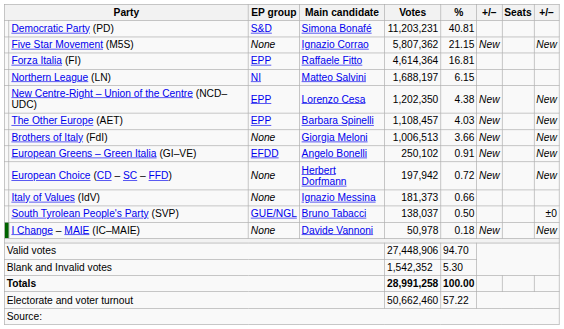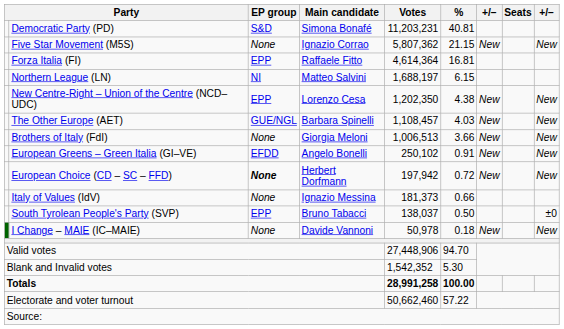 <table class="wikitable">
 <tr>
 <th colspan="2">Party</th>
 <th>EP group</th>
 <th>Main candidate</th>
 <th>Votes</th>
 <th>%</th>
 <th>+/−</th>
 <th>Seats</th>
 <th>+/−</th>
 </tr>
 <tr>
 <td style="background-color:"></td>
 <td style="text-align:left;"><a href='#'>Democratic Party</a> (PD)</td>
 <td style="text-align:left;"><a href='#'>S&D</a></td>
 <td style="text-align:left;"><a href='#'>Simona Bonafé</a></td>
 <td style="text-align:right;">11,203,231</td>
 <td style="text-align:right;">40.81</td>
 <td style="text-align:right;"></td>
 <td style="text-align:left;"></td>
 <td style="text-align:right;"></td>
 </tr>
 <tr>
 <td style="background-color:"></td>
 <td style="text-align:left;"><a href='#'>Five Star Movement</a> (M5S)</td>
 <td style="text-align:left;"><em>None</em></td>
 <td style="text-align:left;"><a href='#'>Ignazio Corrao</a></td>
 <td style="text-align:right;">5,807,362</td>
 <td style="text-align:right;">21.15</td>
 <td style="text-align:right;"><em>New</em></td>
 <td style="text-align:left;"></td>
 <td style="text-align:right;"><em>New</em></td>
 </tr>
 <tr>
 <td style="background-color:"></td>
 <td style="text-align:left;"><a href='#'>Forza Italia</a> (FI)</td>
 <td style="text-align:left;"><a href='#'>EPP</a></td>
 <td style="text-align:left;"><a href='#'>Raffaele Fitto</a></td>
 <td style="text-align:right;">4,614,364</td>
 <td style="text-align:right;">16.81</td>
 <td style="text-align:right;"></td>
 <td style="text-align:left;"></td>
 <td style="text-align:right;"></td>
 </tr>
 <tr>
 <td style="background-color:"></td>
 <td style="text-align:left;"><a href='#'>Northern League</a> (LN)</td>
 <td style="text-align:left;"><a href='#'>NI</a></td>
 <td style="text-align:left;"><a href='#'>Matteo Salvini</a></td>
 <td style="text-align:right;">1,688,197</td>
 <td style="text-align:right;">6.15</td>
 <td style="text-align:right;"></td>
 <td style="text-align:left;"></td>
 <td style="text-align:right;"></td>
 </tr>
 <tr>
 <td style="background-color:"></td>
 <td style="text-align:left;"><a href='#'>New Centre-Right – Union of the Centre</a> (NCD–UDC)</td>
 <td style="text-align:left;"><a href='#'>EPP</a></td>
 <td style="text-align:left;"><a href='#'>Lorenzo Cesa</a></td>
 <td style="text-align:right;">1,202,350</td>
 <td style="text-align:right;">4.38</td>
 <td style="text-align:right;"><em>New</em></td>
 <td style="text-align:left;"></td>
 <td style="text-align:right;"><em>New</em></td>
 </tr>
 <tr>
 <td style="background-color:"></td>
 <td style="text-align:left;"><a href='#'>The Other Europe</a> (AET)</td>
-<td style="text-align:left;"><a href='#'>EPP</a></td>
+<td style="text-align:left;"><a href='#'>GUE/NGL</a></td>
 <td style="text-align:left;"><a href='#'>Barbara Spinelli</a></td>
 <td style="text-align:right;">1,108,457</td>
 <td style="text-align:right;">4.03</td>
 <td style="text-align:right;"><em>New</em></td>
 <td style="text-align:left;"></td>
 <td style="text-align:right;"><em>New</em></td>
 </tr>
 <tr>
 <td style="background-color:"></td>
 <td style="text-align:left;"><a href='#'>Brothers of Italy</a> (FdI)</td>
 <td style="text-align:left;"><em>None</em></td>
 <td style="text-align:left;"><a href='#'>Giorgia Meloni</a></td>
 <td style="text-align:right;">1,006,513</td>
 <td style="text-align:right;">3.66</td>
 <td style="text-align:right;"><em>New</em></td>
 <td style="text-align:left;"></td>
 <td style="text-align:right;"><em>New</em></td>
 </tr>
 <tr>
 <td style="background-color:"></td>
 <td style="text-align:left;"><a href='#'>European Greens – Green Italia</a> (GI–VE)</td>
 <td style="text-align:left;"><a href='#'>EFDD</a></td>
 <td style="text-align:left;"><a href='#'>Angelo Bonelli</a></td>
 <td style="text-align:right;">250,102</td>
 <td style="text-align:right;">0.91</td>
 <td style="text-align:right;"><em>New</em></td>
 <td style="text-align:left;"></td>
 <td style="text-align:right;"><em>New</em></td>
 </tr>
 <tr>
 <td style="background-color:"></td>
 <td style="text-align:left;"><a href='#'>European Choice</a> (<a href='#'>CD</a> – <a href='#'>SC</a> – <a href='#'>FFD</a>)</td>
-<td style="text-align:left;"><em>None</em></td>
+<td style="text-align:left;"><strong><em>None</em></strong></td>
 <td style="text-align:left;"><a href='#'>Herbert Dorfmann</a></td>
 <td style="text-align:right;">197,942</td>
 <td style="text-align:right;">0.72</td>
 <td style="text-align:right;"><em>New</em></td>
 <td style="text-align:left;"></td>
 <td style="text-align:right;"><em>New</em></td>
 </tr>
 <tr>
 <td style="background-color:"></td>
 <td style="text-align:left;"><a href='#'>Italy of Values</a> (IdV)</td>
 <td style="text-align:left;"><em>None</em></td>
 <td style="text-align:left;"><a href='#'>Ignazio Messina</a></td>
 <td style="text-align:right;">181,373</td>
 <td style="text-align:right;">0.66</td>
 <td style="text-align:right;"></td>
 <td style="text-align:left;"></td>
 <td style="text-align:right;"></td>
 </tr>
 <tr>
 <td style="background-color:"></td>
 <td style="text-align:left;"><a href='#'>South Tyrolean People's Party</a> (SVP)</td>
-<td style="text-align:left;"><a href='#'>GUE/NGL</a></td>
+<td style="text-align:left;"><a href='#'>EPP</a></td>
 <td style="text-align:left;"><a href='#'>Bruno Tabacci</a></td>
 <td style="text-align:right;">138,037</td>
 <td style="text-align:right;">0.50</td>
 <td style="text-align:right;"></td>
 <td style="text-align:left;"></td>
 <td style="text-align:right;">±0</td>
 </tr>
 <tr>
 <td style="background:darkgreen;"></td>
 <td style="text-align:left;"><a href='#'>I Change</a> – <a href='#'>MAIE</a> (IC–MAIE)</td>
 <td style="text-align:left;"><em>None</em></td>
 <td style="text-align:left;"><a href='#'>Davide Vannoni</a></td>
 <td style="text-align:right;">50,978</td>
 <td style="text-align:right;">0.18</td>
 <td style="text-align:right;"><em>New</em></td>
 <td style="text-align:left;"></td>
 <td style="text-align:right;"><em>New</em></td>
 </tr>
 <tr>
 <th colspan=9></th>
 </tr>
 <tr>
 <td style="text-align:left;" colspan="4">Valid votes</td>
 <td>27,448,906</td>
 <td>94.70</td>
 <td colspan="3" rowspan="2"></td>
 </tr>
 <tr>
 <td style="text-align:left;" colspan="4">Blank and Invalid votes</td>
 <td>1,542,352</td>
 <td>5.30</td>
 </tr>
 <tr>
 <td style="text-align:left;" colspan="4"><strong>Totals</strong></td>
 <td><strong>28,991,258</strong></td>
 <td><strong>100.00</strong></td>
 <td></td>
 <td></td>
 <td></td>
 </tr>
 <tr>
 <td colspan="4">Electorate and voter turnout</td>
 <td>50,662,460</td>
 <td>57.22</td>
 <td colspan="3"></td>
 </tr>
 <tr>
 <td style="text-align:left;" colspan="9">Source: </td>
 </tr>
 </table>
